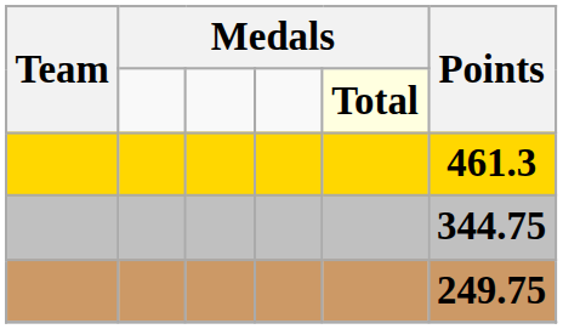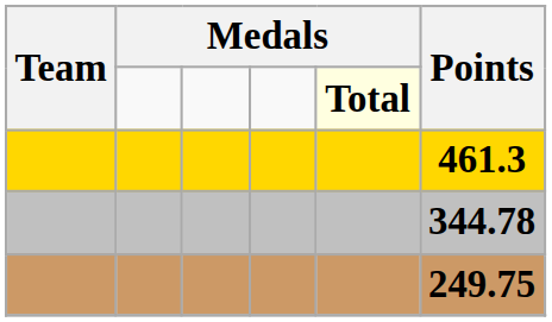 <table class="wikitable" style="text-align:center;">
 <tr>
 <th rowspan=2>Team</th>
 <th colspan=4>Medals</th>
 <th rowspan=2>Points</th>
 </tr>
 <tr>
 <td width=20px></td>
 <td width=20px></td>
 <td width=20px></td>
 <td style="background: lightyellow;"><strong>Total</strong></td>
 </tr>
 <tr bgcolor=gold>
 <td align=left></td>
 <td></td>
 <td></td>
 <td></td>
 <td></td>
 <td><strong>461.3</strong></td>
 </tr>
 <tr bgcolor=silver>
 <td align=left></td>
 <td></td>
 <td></td>
 <td></td>
 <td></td>
-<td><strong>344.75</strong></td>
+<td><strong>344.78</strong></td>
 </tr>
 <tr bgcolor="CC9966">
 <td align=left></td>
 <td></td>
 <td></td>
 <td></td>
 <td></td>
 <td><strong>249.75</strong></td>
 </tr>
 <tr>
 </tr>
 <tr>
 </tr>
 </table>
